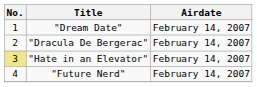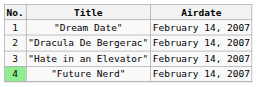 <table class="wikitable plainrowheaders" style="text-align:center">
 <tr>
 <th style="background-color: #;">No.</th>
 <th style="background-color: #;">Title</th>
 <th style="background-color: #;">Airdate</th>
 </tr>
 <tr>
 <td>1</td>
 <td>"Dream Date"</td>
 <td>February 14, 2007</td>
 </tr>
 <tr>
 <td>2</td>
 <td>"Dracula De Bergerac"</td>
 <td>February 14, 2007</td>
 </tr>
 <tr>
-<td style="background: khaki;">3</td>
+<td>3</td>
 <td>"Hate in an Elevator"</td>
 <td>February 14, 2007</td>
 </tr>
 <tr>
-<td>4</td>
+<td style="background: lightgreen;">4</td>
 <td>"Future Nerd"</td>
 <td>February 14, 2007</td>
 </tr>
 <tr>
 </tr>
 </table>
